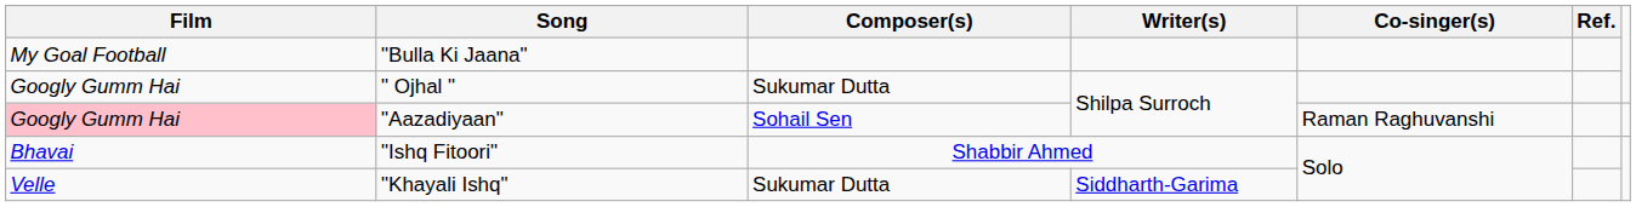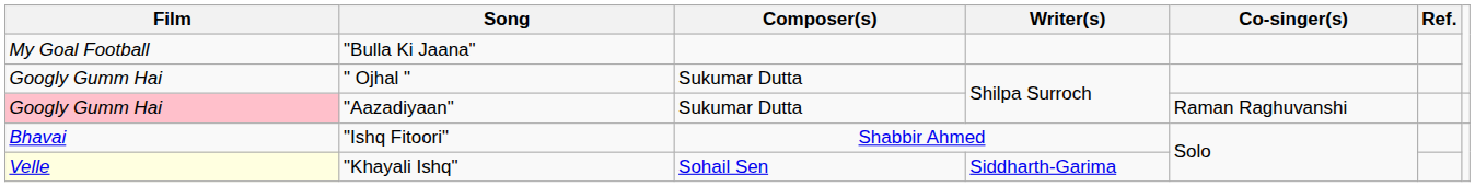 <table class="wikitable plainrowheaders" width="100%">
 <tr>
 <th scope="col" width=23%>Film</th>
 <th scope="col" width=23%>Song</th>
 <th scope="col" width=20%>Composer(s)</th>
 <th scope="col" width=14%>Writer(s)</th>
 <th scope="col" width=17%>Co-singer(s)</th>
 <th scope="col" width=3%>Ref.</th>
 </tr>
 <tr>
 <td><em>My Goal Football</em></td>
 <td>"Bulla Ki Jaana"</td>
 <td></td>
 <td></td>
 <td></td>
 <td></td>
 </tr>
 <tr>
 <td><em>Googly Gumm Hai</em></td>
 <td>" Ojhal "</td>
 <td>Sukumar Dutta</td>
 <td rowspan=2>Shilpa Surroch</td>
 <td></td>
 <td></td>
 </tr>
 <tr>
 <td style="background: pink;"><em>Googly Gumm Hai</em></td>
 <td>"Aazadiyaan"</td>
-<td><a href='#'>Sohail Sen</a></td>
+<td>Sukumar Dutta</td>
 <td>Raman Raghuvanshi</td>
 <td></td>
 <td></td>
 </tr>
 <tr>
 <td><em><a href='#'>Bhavai</a></em></td>
 <td>"Ishq Fitoori"</td>
 <td colspan="2" style="text-align:center;"><a href='#'>Shabbir Ahmed</a></td>
 <td rowspan=2>Solo</td>
 <td></td>
 </tr>
 <tr>
-<td><em><a href='#'>Velle</a></em></td>
+<td style="background: lightyellow;"><em><a href='#'>Velle</a></em></td>
 <td>"Khayali Ishq"</td>
-<td>Sukumar Dutta</td>
+<td><a href='#'>Sohail Sen</a></td>
 <td><a href='#'>Siddharth-Garima</a></td>
 <td></td>
 </tr>
 </table>
